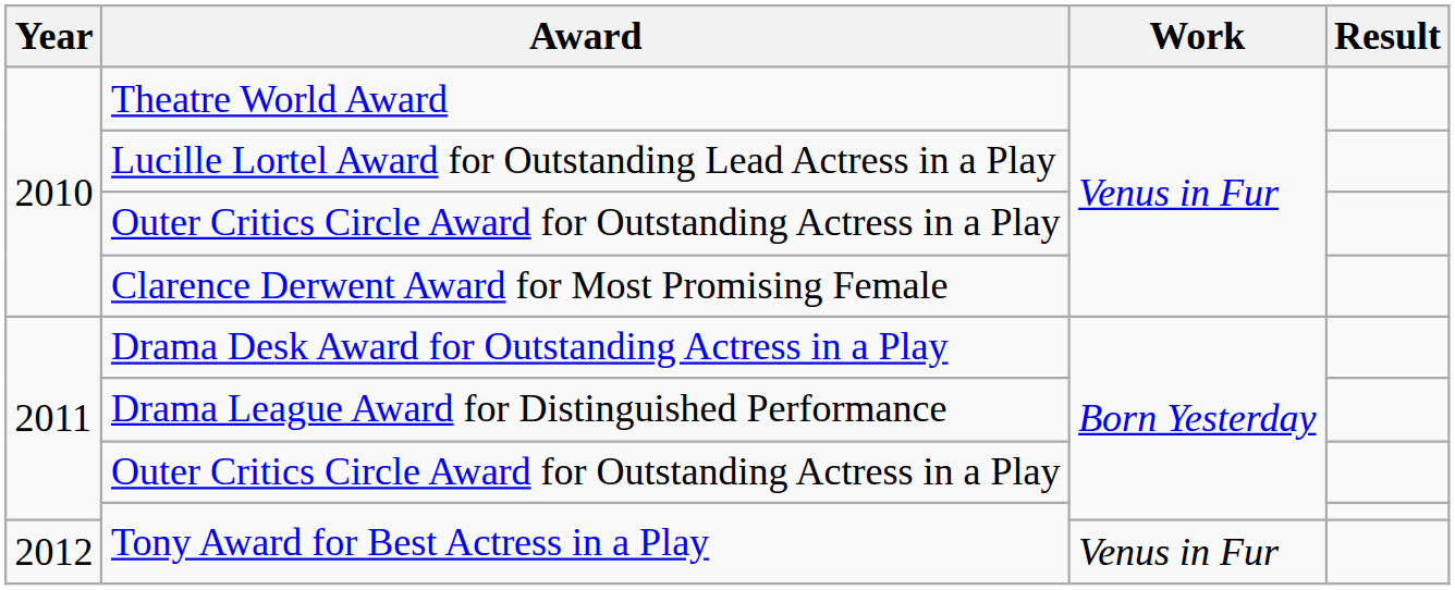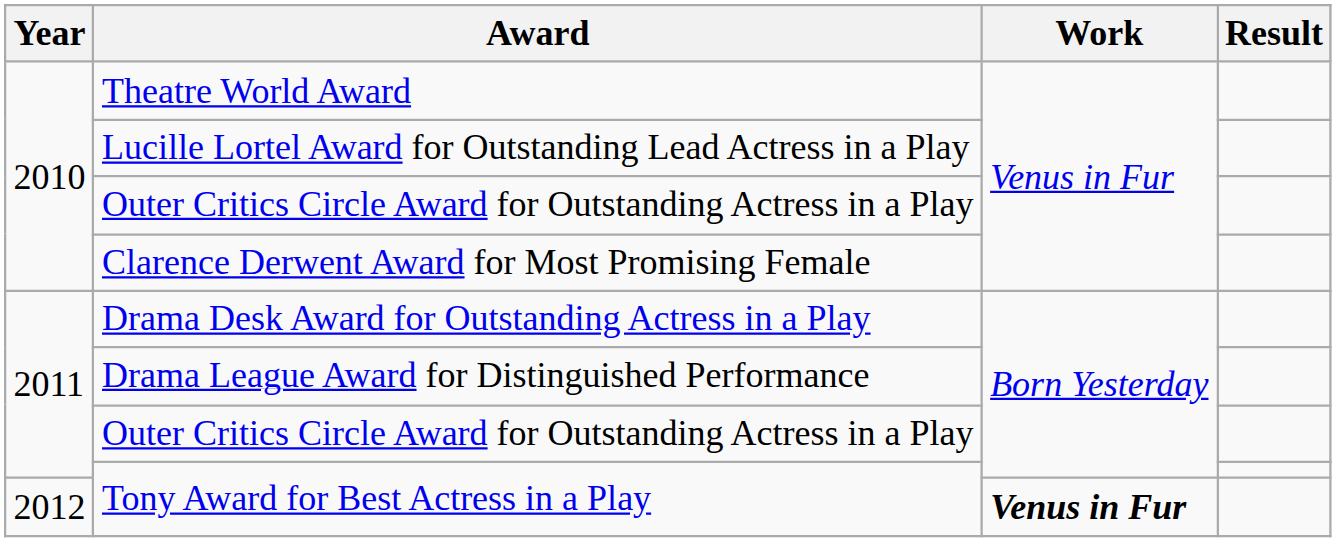 <table class="wikitable">
 <tr>
 <th>Year</th>
 <th>Award</th>
 <th>Work</th>
 <th>Result</th>
 </tr>
 <tr>
 <td rowspan="4">2010</td>
 <td><a href='#'>Theatre World Award</a></td>
 <td rowspan="4"><em><a href='#'>Venus in Fur</a></em></td>
 <td></td>
 </tr>
 <tr>
 <td><a href='#'>Lucille Lortel Award</a> for Outstanding Lead Actress in a Play</td>
 <td></td>
 </tr>
 <tr>
 <td><a href='#'>Outer Critics Circle Award</a> for Outstanding Actress in a Play</td>
 <td></td>
 </tr>
 <tr>
 <td><a href='#'>Clarence Derwent Award</a> for Most Promising Female</td>
 <td></td>
 </tr>
 <tr>
 <td rowspan="4">2011</td>
 <td><a href='#'>Drama Desk Award for Outstanding Actress in a Play</a></td>
 <td rowspan="4"><em><a href='#'>Born Yesterday</a></em></td>
 <td></td>
 </tr>
 <tr>
 <td><a href='#'>Drama League Award</a> for Distinguished Performance</td>
 <td></td>
 </tr>
 <tr>
 <td><a href='#'>Outer Critics Circle Award</a> for Outstanding Actress in a Play</td>
 <td></td>
 </tr>
 <tr>
 <td rowspan="2"><a href='#'>Tony Award for Best Actress in a Play</a></td>
 <td></td>
 </tr>
 <tr>
 <td>2012</td>
-<td><em>Venus in Fur</em></td>
+<td><strong><em>Venus in Fur</em></strong></td>
 <td></td>
 </tr>
 </table>
